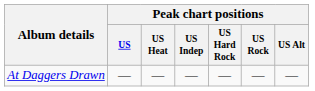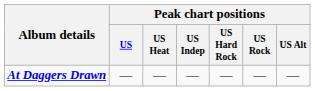 <table class="wikitable" style="text-align:center;">
 <tr>
 <th rowspan="2">Album details</th>
 <th colspan="19">Peak chart positions</th>
 </tr>
 <tr>
 <th style="width:3em;font-size:75%"><a href='#'>US</a></th>
 <th style="width:3em;font-size:75%">US Heat</th>
 <th style="width:3em;font-size:75%">US Indep</th>
 <th style="width:3em;font-size:75%">US Hard Rock</th>
 <th style="width:3em;font-size:75%">US Rock</th>
 <th style="width:3em;font-size:75%">US Alt</th>
 </tr>
 <tr>
-<td align=left><em><a href='#'>At Daggers Drawn</a></em><br></td>
+<td align=left><strong><em><a href='#'>At Daggers Drawn</a></em><br></strong></td>
 <td>—</td>
 <td>—</td>
 <td>—</td>
 <td>—</td>
 <td>—</td>
 <td>—</td>
 </tr>
 </table>
